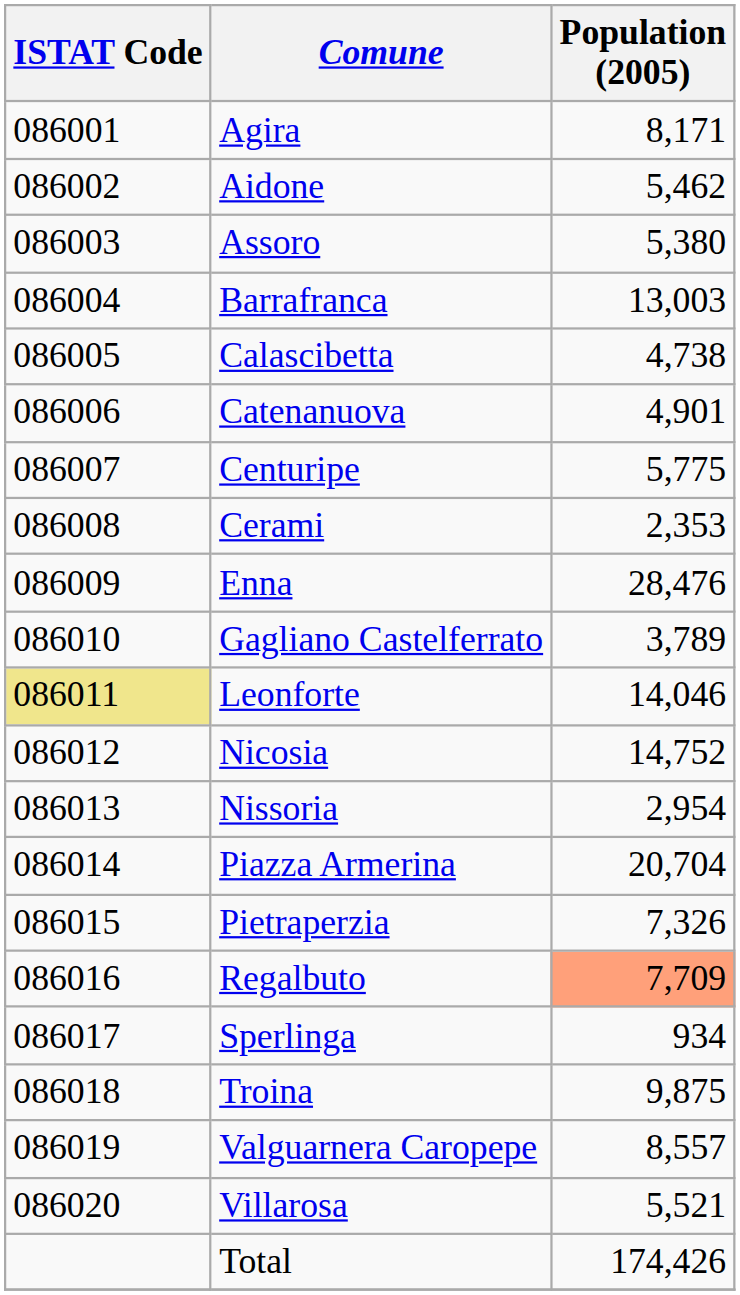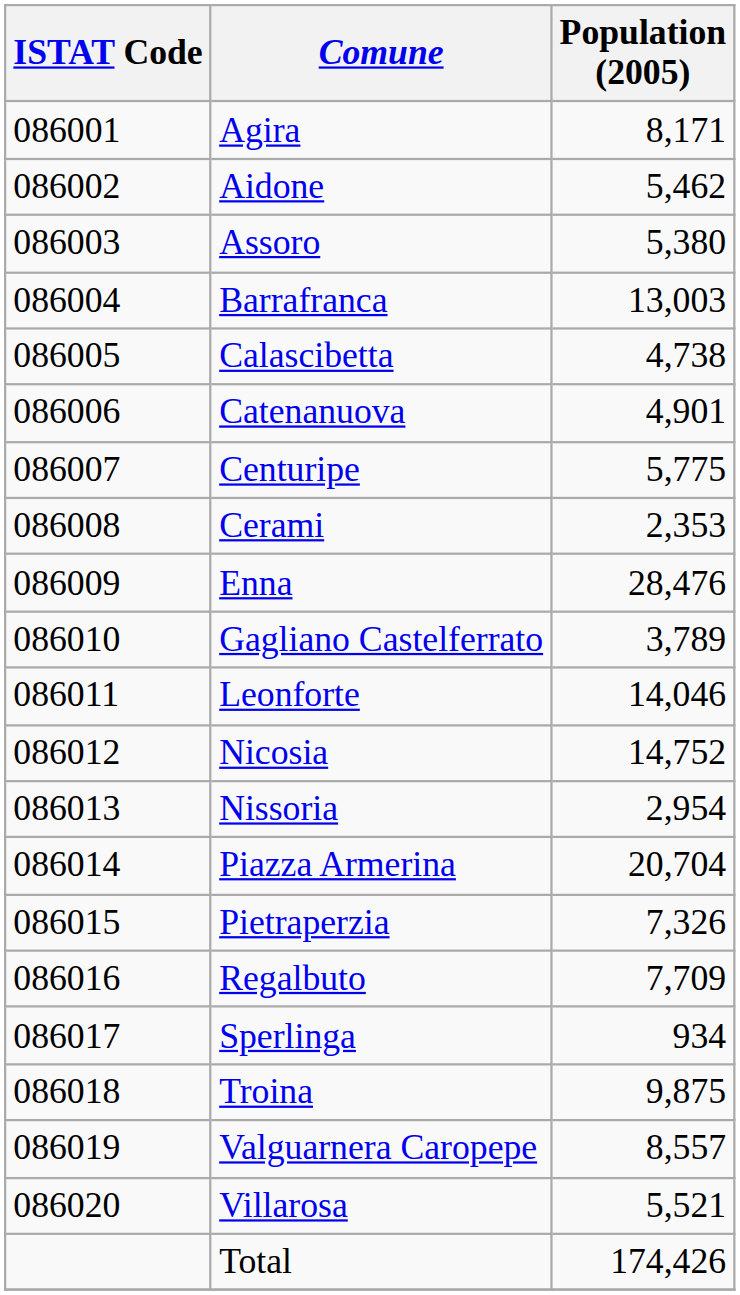 <table class="wikitable sortable">
 <tr>
 <th><a href='#'>ISTAT</a> Code</th>
 <th><em><a href='#'>Comune</a></em></th>
 <th>Population <br>(2005)</th>
 </tr>
 <tr>
 <td>086001</td>
 <td><a href='#'>Agira</a></td>
 <td align="right">8,171</td>
 </tr>
 <tr>
 <td>086002</td>
 <td><a href='#'>Aidone</a></td>
 <td align="right">5,462</td>
 </tr>
 <tr>
 <td>086003</td>
 <td><a href='#'>Assoro</a></td>
 <td align="right">5,380</td>
 </tr>
 <tr>
 <td>086004</td>
 <td><a href='#'>Barrafranca</a></td>
 <td align="right">13,003</td>
 </tr>
 <tr>
 <td>086005</td>
 <td><a href='#'>Calascibetta</a></td>
 <td align="right">4,738</td>
 </tr>
 <tr>
 <td>086006</td>
 <td><a href='#'>Catenanuova</a></td>
 <td align="right">4,901</td>
 </tr>
 <tr>
 <td>086007</td>
 <td><a href='#'>Centuripe</a></td>
 <td align="right">5,775</td>
 </tr>
 <tr>
 <td>086008</td>
 <td><a href='#'>Cerami</a></td>
 <td align="right">2,353</td>
 </tr>
 <tr>
 <td>086009</td>
 <td><a href='#'>Enna</a></td>
 <td align="right">28,476</td>
 </tr>
 <tr>
 <td>086010</td>
 <td><a href='#'>Gagliano Castelferrato</a></td>
 <td align="right">3,789</td>
 </tr>
 <tr>
-<td style="background: khaki;">086011</td>
+<td>086011</td>
 <td><a href='#'>Leonforte</a></td>
 <td align="right">14,046</td>
 </tr>
 <tr>
 <td>086012</td>
 <td><a href='#'>Nicosia</a></td>
 <td align="right">14,752</td>
 </tr>
 <tr>
 <td>086013</td>
 <td><a href='#'>Nissoria</a></td>
 <td align="right">2,954</td>
 </tr>
 <tr>
 <td>086014</td>
 <td><a href='#'>Piazza Armerina</a></td>
 <td align="right">20,704</td>
 </tr>
 <tr>
 <td>086015</td>
 <td><a href='#'>Pietraperzia</a></td>
 <td align="right">7,326</td>
 </tr>
 <tr>
 <td>086016</td>
 <td><a href='#'>Regalbuto</a></td>
-<td align="right" style="background: lightsalmon;">7,709</td>
+<td align="right">7,709</td>
 </tr>
 <tr>
 <td>086017</td>
 <td><a href='#'>Sperlinga</a></td>
 <td align="right">934</td>
 </tr>
 <tr>
 <td>086018</td>
 <td><a href='#'>Troina</a></td>
 <td align="right">9,875</td>
 </tr>
 <tr>
 <td>086019</td>
 <td><a href='#'>Valguarnera Caropepe</a></td>
 <td align="right">8,557</td>
 </tr>
 <tr>
 <td>086020</td>
 <td><a href='#'>Villarosa</a></td>
 <td align="right">5,521</td>
 </tr>
 <tr>
 <td></td>
 <td>Total</td>
 <td align="right">174,426</td>
 </tr>
 <tr>
 </tr>
 </table>
